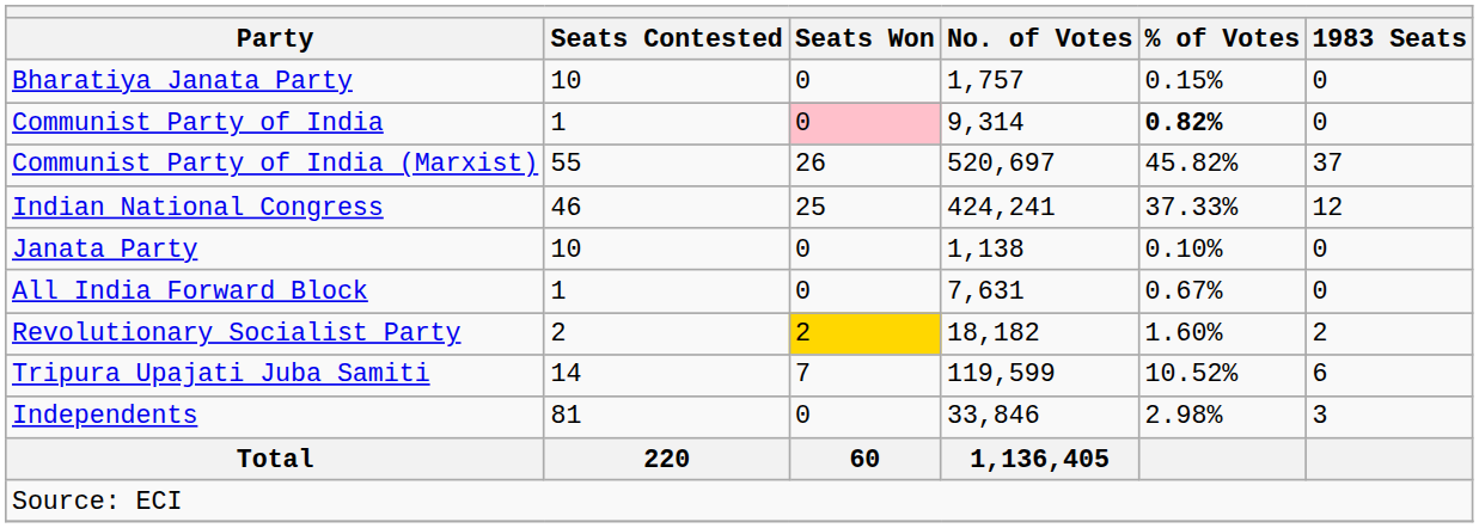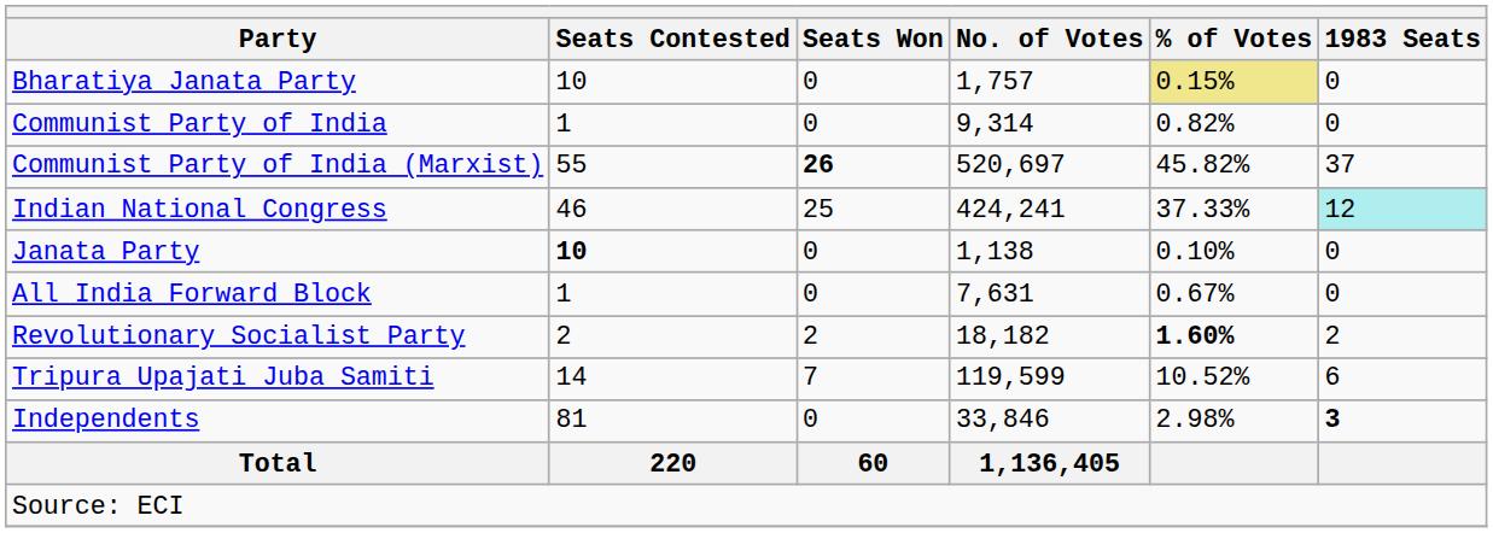 <table class="wikitable sortable">
 <tr>
 <th colspan=10></th>
 </tr>
 <tr>
 <th>Party</th>
 <th>Seats Contested</th>
 <th>Seats Won</th>
 <th>No. of Votes</th>
 <th>% of Votes</th>
 <th>1983 Seats</th>
 </tr>
 <tr>
 <td><a href='#'>Bharatiya Janata Party</a></td>
 <td>10</td>
 <td>0</td>
 <td>1,757</td>
-<td>0.15%</td>
+<td style="background: khaki;">0.15%</td>
 <td>0</td>
 </tr>
 <tr>
 <td><a href='#'>Communist Party of India</a></td>
 <td>1</td>
-<td style="background: pink;">0</td>
+<td>0</td>
 <td>9,314</td>
-<td><strong>0.82%</strong></td>
+<td>0.82%</td>
 <td>0</td>
 </tr>
 <tr>
 <td><a href='#'>Communist Party of India (Marxist)</a></td>
 <td>55</td>
-<td>26</td>
+<td><strong>26</strong></td>
 <td>520,697</td>
 <td>45.82%</td>
 <td>37</td>
 </tr>
 <tr>
 <td><a href='#'>Indian National Congress</a></td>
 <td>46</td>
 <td>25</td>
 <td>424,241</td>
 <td>37.33%</td>
-<td>12</td>
+<td style="background: paleturquoise;">12</td>
 </tr>
 <tr>
 <td><a href='#'>Janata Party</a></td>
-<td>10</td>
+<td><strong>10</strong></td>
 <td>0</td>
 <td>1,138</td>
 <td>0.10%</td>
 <td>0</td>
 </tr>
 <tr>
 <td><a href='#'>All India Forward Block</a></td>
 <td>1</td>
 <td>0</td>
 <td>7,631</td>
 <td>0.67%</td>
 <td>0</td>
 </tr>
 <tr>
 <td><a href='#'>Revolutionary Socialist Party</a></td>
 <td>2</td>
-<td style="background: gold;">2</td>
+<td>2</td>
 <td>18,182</td>
-<td>1.60%</td>
+<td><strong>1.60%</strong></td>
 <td>2</td>
 </tr>
 <tr>
 <td><a href='#'>Tripura Upajati Juba Samiti</a></td>
 <td>14</td>
 <td>7</td>
 <td>119,599</td>
 <td>10.52%</td>
 <td>6</td>
 </tr>
 <tr>
 <td><a href='#'>Independents</a></td>
 <td>81</td>
 <td>0</td>
 <td>33,846</td>
 <td>2.98%</td>
-<td>3</td>
+<td><strong>3</strong></td>
 </tr>
 <tr>
 <th>Total</th>
 <th>220</th>
 <th>60</th>
 <th>1,136,405</th>
 <th></th>
 <th></th>
 </tr>
 <tr>
 <td colspan=10>Source: ECI</td>
 </tr>
 <tr>
 </tr>
 </table>
